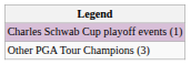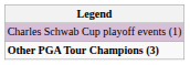 <table class="wikitable" style="font-size:95%;">
 <tr>
 <th>Legend</th>
 </tr>
 <tr style="background:thistle">
 <td>Charles Schwab Cup playoff events (1)</td>
 </tr>
 <tr>
-<td>Other PGA Tour Champions (3)</td>
+<td><strong>Other PGA Tour Champions (3)</strong></td>
 </tr>
 </table>
